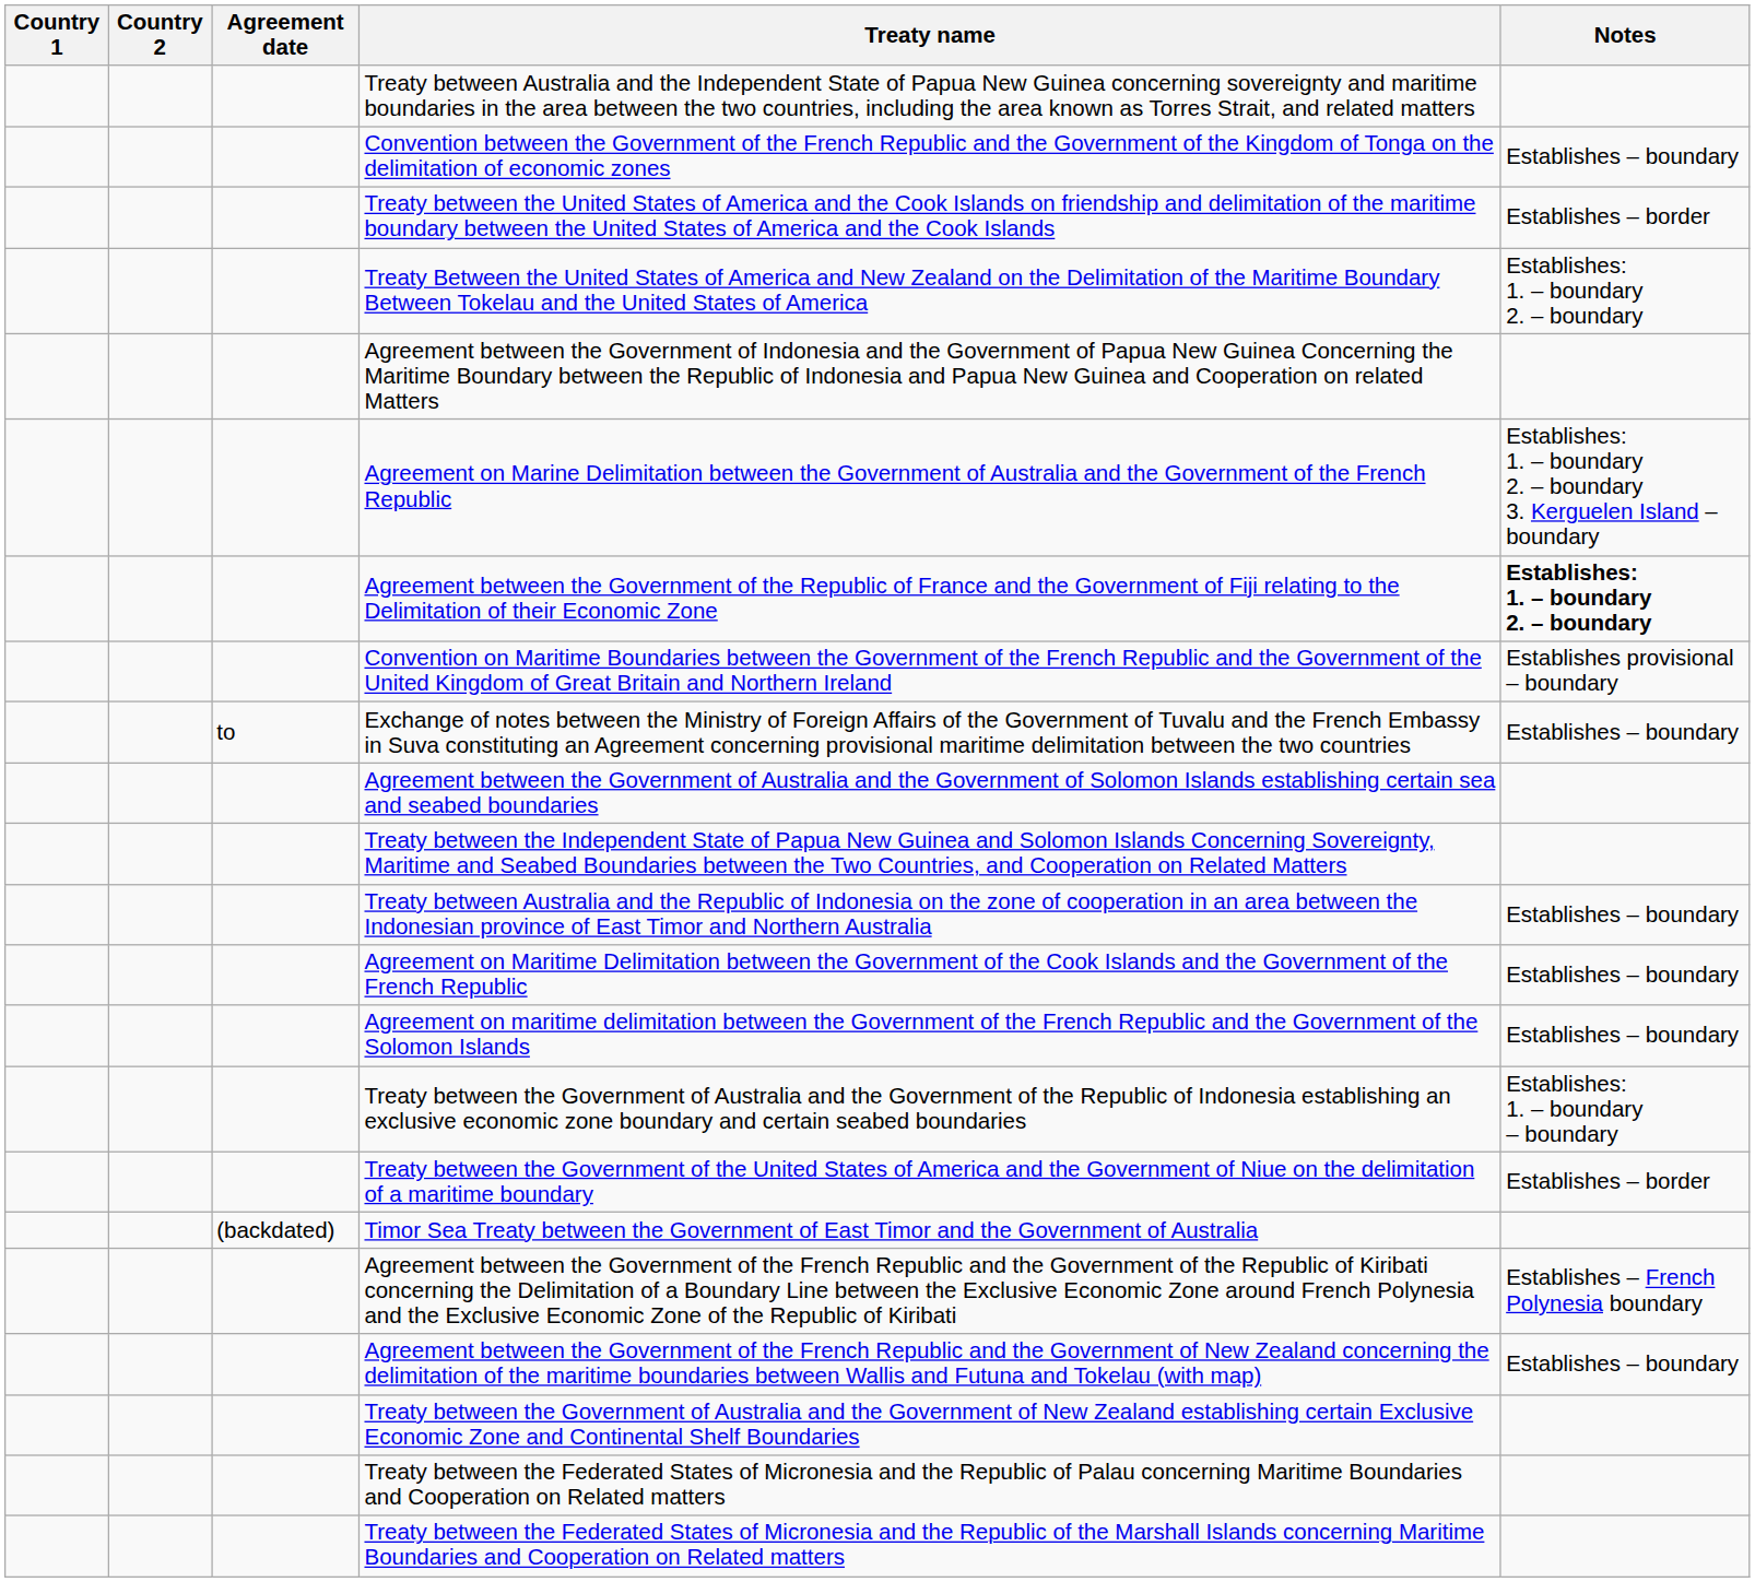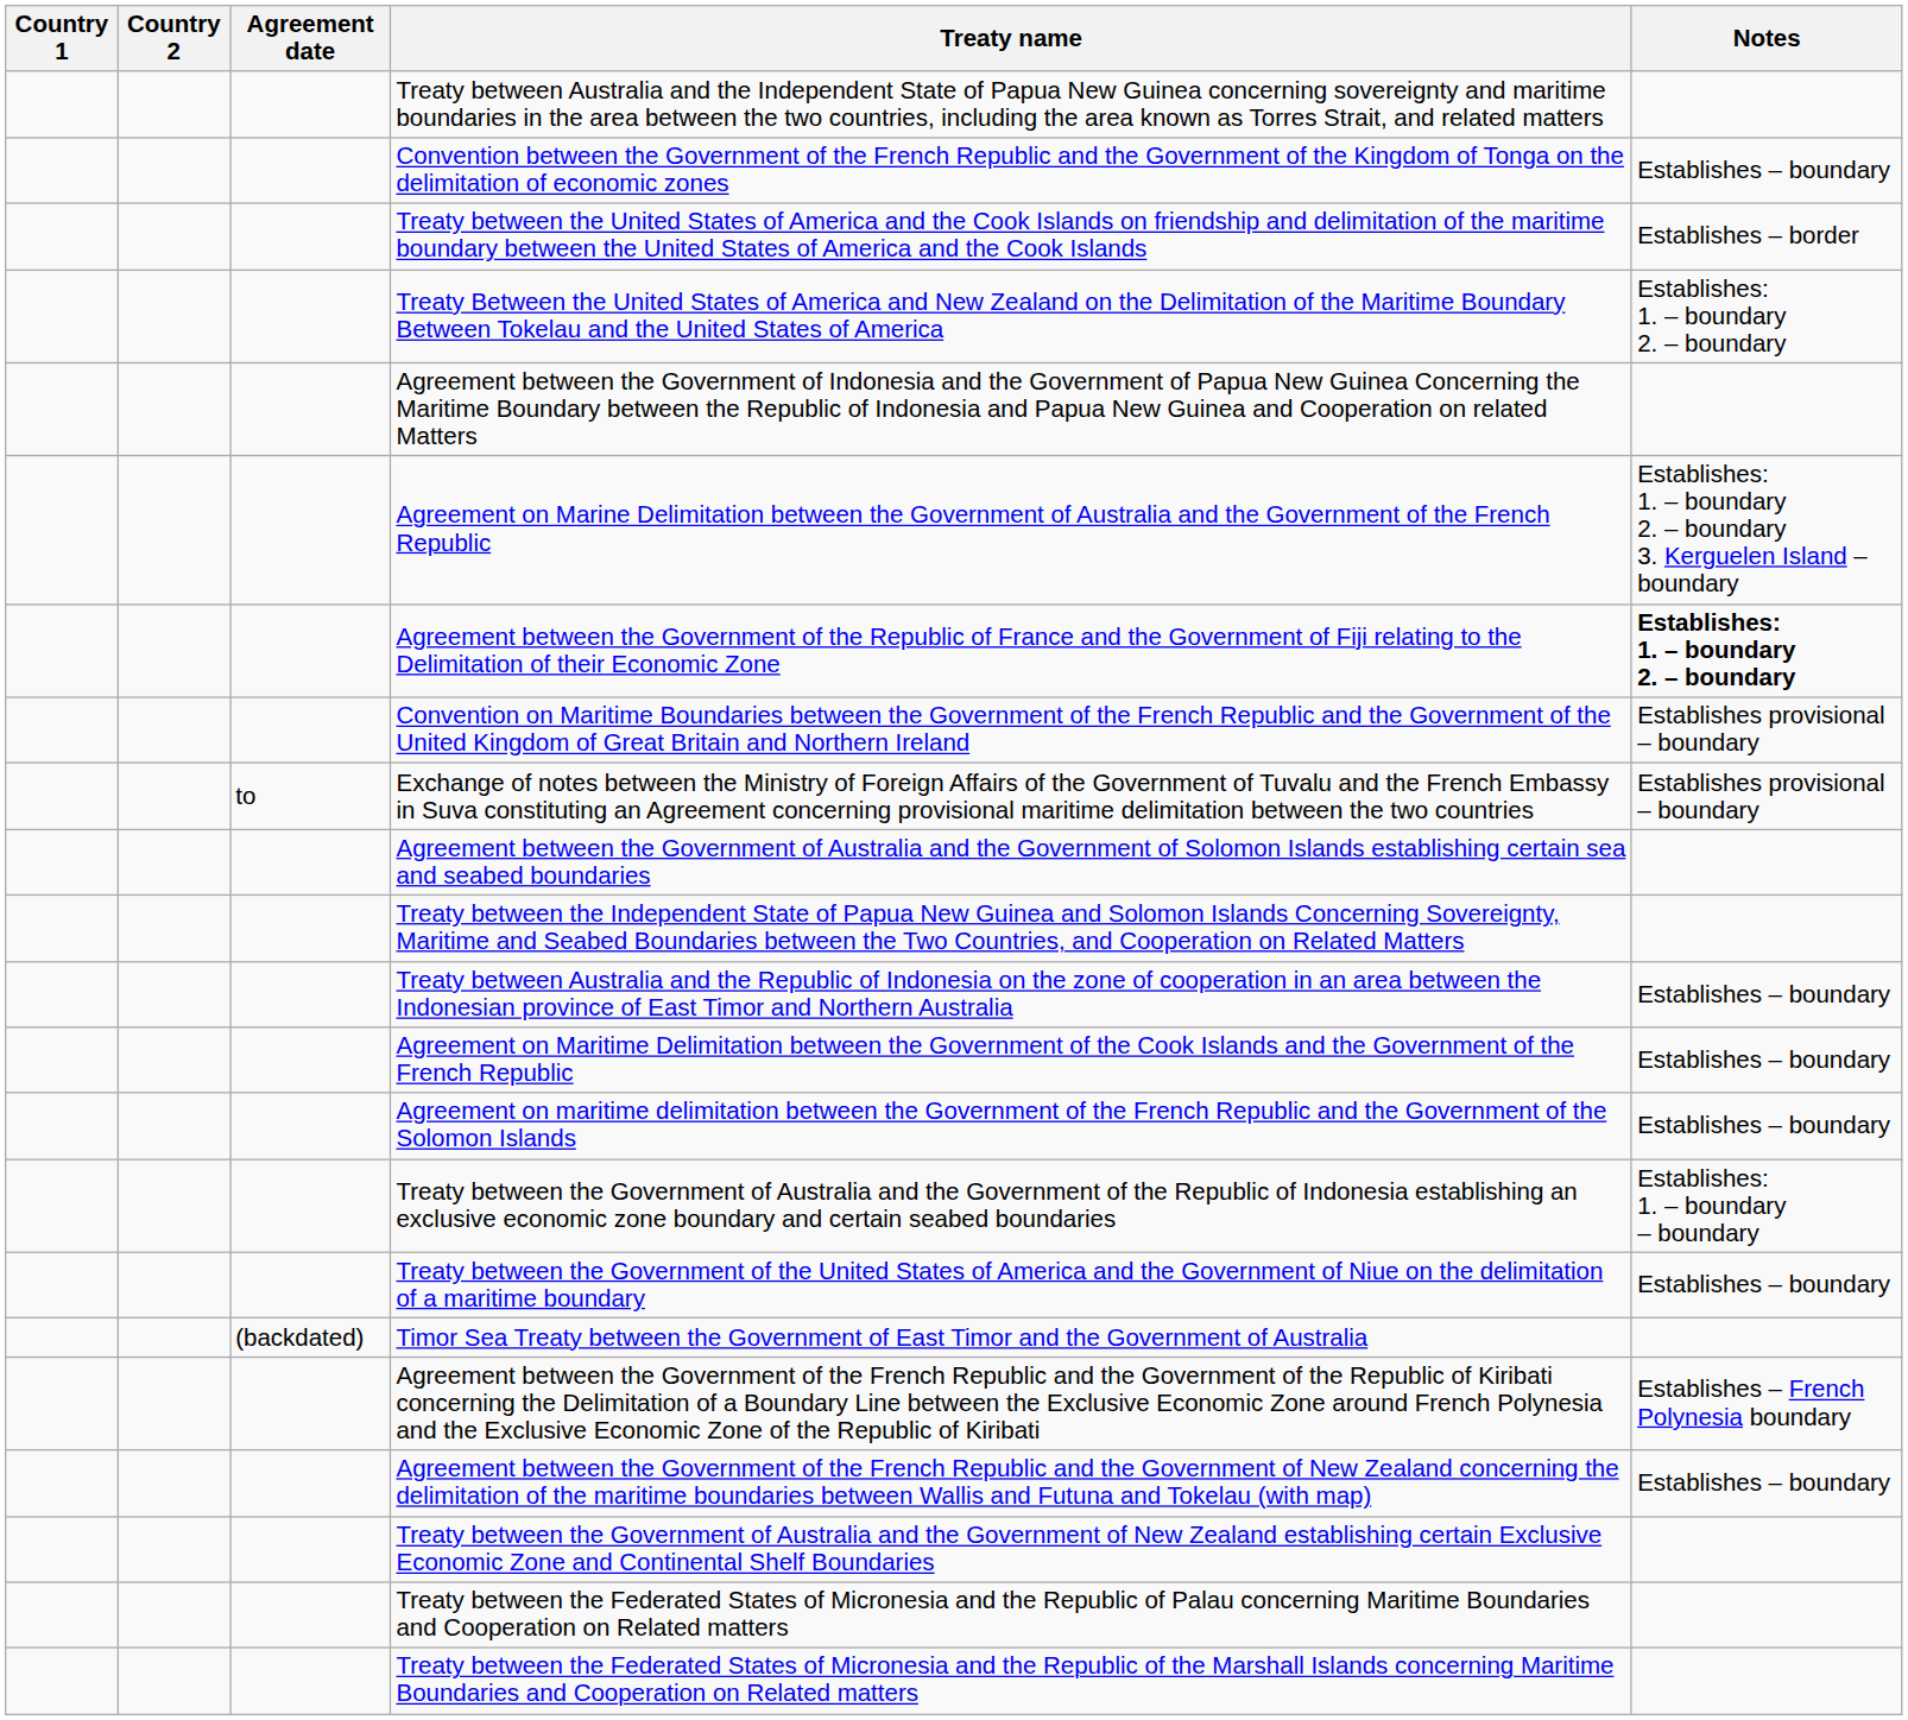 <table class="wikitable sortable">
 <tr>
 <th>Country 1</th>
 <th>Country 2</th>
 <th>Agreement date</th>
 <th>Treaty name</th>
 <th>Notes</th>
 </tr>
 <tr>
 <td></td>
 <td></td>
 <td></td>
 <td>Treaty between Australia and the Independent State of Papua New Guinea concerning sovereignty and maritime boundaries in the area between the two countries, including the area known as Torres Strait, and related matters</td>
 <td></td>
 </tr>
 <tr>
 <td></td>
 <td></td>
 <td></td>
 <td><a href='#'>Convention between the Government of the French Republic and the Government of the Kingdom of Tonga on the delimitation of economic zones</a></td>
 <td>Establishes  –  boundary</td>
 </tr>
 <tr>
 <td></td>
 <td></td>
 <td></td>
 <td><a href='#'>Treaty between the United States of America and the Cook Islands on friendship and delimitation of the maritime boundary between the United States of America and the Cook Islands</a></td>
 <td>Establishes  –  border</td>
 </tr>
 <tr>
 <td></td>
 <td></td>
 <td></td>
 <td><a href='#'>Treaty Between the United States of America and New Zealand on the Delimitation of the Maritime Boundary Between Tokelau and the United States of America</a></td>
 <td>Establishes:<br>1.  –  boundary<br>2.  –  boundary</td>
 </tr>
 <tr>
 <td></td>
 <td></td>
 <td></td>
 <td>Agreement between the Government of Indonesia and the Government of Papua New Guinea Concerning the Maritime Boundary between the Republic of Indonesia and Papua New Guinea and Cooperation on related Matters</td>
 <td></td>
 </tr>
 <tr>
 <td></td>
 <td></td>
 <td></td>
 <td><a href='#'>Agreement on Marine Delimitation between the Government of Australia and the Government of the French Republic</a></td>
 <td>Establishes:<br>1.  –  boundary<br>2. –  boundary<br>3.  <a href='#'>Kerguelen Island</a> –  boundary</td>
 </tr>
 <tr>
 <td></td>
 <td></td>
 <td></td>
 <td><a href='#'>Agreement between the Government of the Republic of France and the Government of Fiji relating to the Delimitation of their Economic Zone</a></td>
 <td><strong>Establishes:<br>1.  –  boundary<br>2.  –  boundary</strong></td>
 </tr>
 <tr>
 <td></td>
 <td></td>
 <td></td>
 <td><a href='#'>Convention on Maritime Boundaries between the Government of the French Republic and the Government of the United Kingdom of Great Britain and Northern Ireland</a></td>
 <td>Establishes provisional  –  boundary</td>
 </tr>
 <tr>
 <td></td>
 <td></td>
 <td> to </td>
 <td>Exchange of notes between the Ministry of Foreign Affairs of the Government of Tuvalu and the French Embassy in Suva constituting an Agreement concerning provisional maritime delimitation between the two countries</td>
-<td>Establishes  –  boundary</td>
+<td>Establishes provisional  –  boundary</td>
 </tr>
 <tr>
 <td></td>
 <td></td>
 <td></td>
 <td><a href='#'>Agreement between the Government of Australia and the Government of Solomon Islands establishing certain sea and seabed boundaries</a></td>
 <td></td>
 </tr>
 <tr>
 <td></td>
 <td></td>
 <td></td>
 <td><a href='#'>Treaty between the Independent State of Papua New Guinea and Solomon Islands Concerning Sovereignty, Maritime and Seabed Boundaries between the Two Countries, and Cooperation on Related Matters</a></td>
 <td></td>
 </tr>
 <tr>
 <td></td>
 <td></td>
 <td></td>
 <td><a href='#'>Treaty between Australia and the Republic of Indonesia on the zone of cooperation in an area between the Indonesian province of East Timor and Northern Australia</a></td>
 <td>Establishes  –  boundary</td>
 </tr>
 <tr>
 <td></td>
 <td></td>
 <td></td>
 <td><a href='#'>Agreement on Maritime Delimitation between the Government of the Cook Islands and the Government of the French Republic</a></td>
 <td>Establishes  –  boundary</td>
 </tr>
 <tr>
 <td></td>
 <td></td>
 <td></td>
 <td><a href='#'>Agreement on maritime delimitation between the Government of the French Republic and the Government of the Solomon Islands</a></td>
 <td>Establishes  –  boundary</td>
 </tr>
 <tr>
 <td></td>
 <td></td>
 <td></td>
 <td>Treaty between the Government of Australia and the Government of the Republic of Indonesia establishing an exclusive economic zone boundary and certain seabed boundaries</td>
 <td>Establishes:<br>1.  –  boundary<br> –  boundary</td>
 </tr>
 <tr>
 <td></td>
 <td></td>
 <td></td>
 <td><a href='#'>Treaty between the Government of the United States of America and the Government of Niue on the delimitation of a maritime boundary</a></td>
-<td>Establishes  –  border</td>
+<td>Establishes  –  boundary</td>
 </tr>
 <tr>
 <td></td>
 <td></td>
 <td> (backdated)</td>
 <td><a href='#'>Timor Sea Treaty between the Government of East Timor and the Government of Australia</a></td>
 <td></td>
 </tr>
 <tr>
 <td></td>
 <td></td>
 <td></td>
 <td>Agreement between the Government of the French Republic and the Government of the Republic of Kiribati concerning the Delimitation of a Boundary Line between the Exclusive Economic Zone around French Polynesia and the Exclusive Economic Zone of the Republic of Kiribati</td>
 <td>Establishes  –  <a href='#'>French Polynesia</a> boundary</td>
 </tr>
 <tr>
 <td></td>
 <td></td>
 <td></td>
 <td><a href='#'>Agreement between the Government of the French Republic and the Government of New Zealand concerning the delimitation of the maritime boundaries between Wallis and Futuna and Tokelau (with map)</a></td>
 <td>Establishes  –  boundary</td>
 </tr>
 <tr>
 <td></td>
 <td></td>
 <td></td>
 <td><a href='#'>Treaty between the Government of Australia and the Government of New Zealand establishing certain Exclusive Economic Zone and Continental Shelf Boundaries</a></td>
 <td></td>
 </tr>
 <tr>
 <td></td>
 <td></td>
 <td></td>
 <td>Treaty between the Federated States of Micronesia and the Republic of Palau concerning Maritime Boundaries and Cooperation on Related matters</td>
 <td></td>
 </tr>
 <tr>
 <td></td>
 <td></td>
 <td></td>
 <td><a href='#'>Treaty between the Federated States of Micronesia and the Republic of the Marshall Islands concerning Maritime Boundaries and Cooperation on Related matters</a></td>
 <td></td>
 </tr>
 </table>
